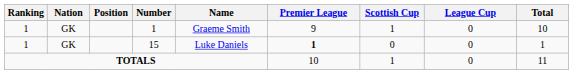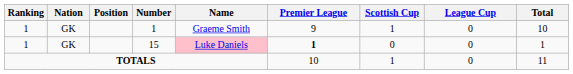 <table class="wikitable" style="font-size: 95%; text-align: center;">
 <tr>
 <th width=60>Ranking</th>
 <th width=60>Nation</th>
 <th width=60>Position</th>
 <th width=60>Number</th>
 <th width=150>Name</th>
 <th width=150><a href='#'>Premier League</a></th>
 <th width=100><a href='#'>Scottish Cup</a></th>
 <th width=150><a href='#'>League Cup</a></th>
 <th width=80>Total</th>
 </tr>
 <tr>
 <td>1</td>
 <td>GK</td>
 <td></td>
 <td>1</td>
 <td><a href='#'>Graeme Smith</a></td>
 <td>9</td>
 <td>1</td>
 <td>0</td>
 <td>10</td>
 </tr>
 <tr>
 <td>1</td>
 <td>GK</td>
 <td></td>
 <td>15</td>
-<td><a href='#'>Luke Daniels</a></td>
+<td style="background: pink;"><a href='#'>Luke Daniels</a></td>
 <td><strong>1</strong></td>
 <td>0</td>
 <td>0</td>
 <td>1</td>
 </tr>
 <tr>
 <td colspan="5"><strong>TOTALS</strong></td>
 <td>10</td>
 <td>1</td>
 <td>0</td>
 <td>11</td>
 </tr>
 </table>
